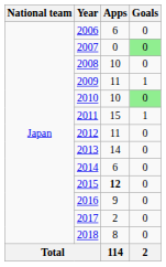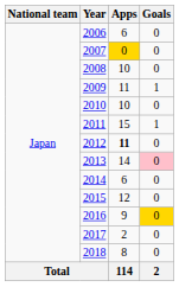 <table class="wikitable" style="text-align:center">
 <tr>
 <th>National team</th>
 <th>Year</th>
 <th>Apps</th>
 <th>Goals</th>
 </tr>
 <tr>
 <td rowspan="13"><a href='#'>Japan</a></td>
 <td><a href='#'>2006</a></td>
 <td>6</td>
 <td>0</td>
 </tr>
 <tr>
 <td><a href='#'>2007</a></td>
+<td style="background: gold;">0</td>
 <td>0</td>
-<td style="background: lightgreen;">0</td>
 </tr>
 <tr>
 <td><a href='#'>2008</a></td>
 <td>10</td>
 <td>0</td>
 </tr>
 <tr>
 <td><a href='#'>2009</a></td>
 <td>11</td>
 <td>1</td>
 </tr>
 <tr>
 <td><a href='#'>2010</a></td>
 <td>10</td>
-<td style="background: lightgreen;">0</td>
+<td>0</td>
 </tr>
 <tr>
 <td><a href='#'>2011</a></td>
 <td>15</td>
 <td>1</td>
 </tr>
 <tr>
 <td><a href='#'>2012</a></td>
-<td>11</td>
+<td><strong>11</strong></td>
 <td>0</td>
 </tr>
 <tr>
 <td><a href='#'>2013</a></td>
 <td>14</td>
-<td>0</td>
+<td style="background: pink;">0</td>
 </tr>
 <tr>
 <td><a href='#'>2014</a></td>
 <td>6</td>
 <td>0</td>
 </tr>
 <tr>
 <td><a href='#'>2015</a></td>
-<td><strong>12</strong></td>
+<td>12</td>
 <td>0</td>
 </tr>
 <tr>
 <td><a href='#'>2016</a></td>
 <td>9</td>
-<td>0</td>
+<td style="background: gold;">0</td>
 </tr>
 <tr>
 <td><a href='#'>2017</a></td>
 <td>2</td>
 <td>0</td>
 </tr>
 <tr>
 <td><a href='#'>2018</a></td>
 <td>8</td>
 <td>0</td>
 </tr>
 <tr>
 <th colspan="2">Total</th>
 <th>114</th>
 <th>2</th>
 </tr>
 </table>
